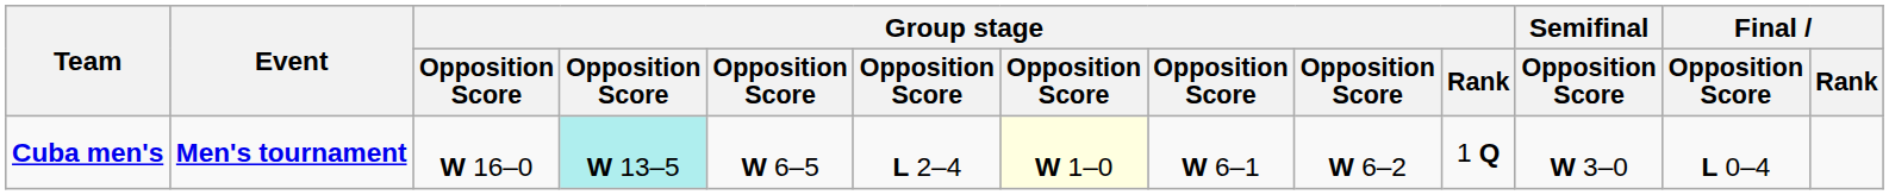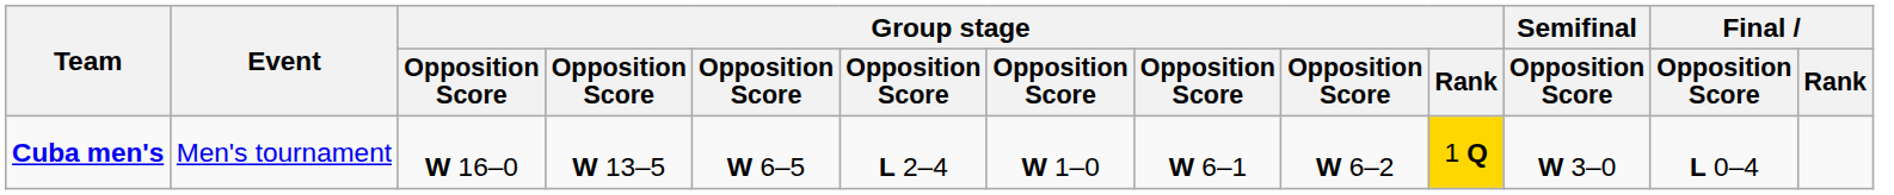 <table class="wikitable" style="font-size:90%">
 <tr>
 <th rowspan=2>Team</th>
 <th rowspan=2>Event</th>
 <th colspan=8>Group stage</th>
 <th>Semifinal</th>
 <th colspan=2>Final / </th>
 </tr>
 <tr style="font-size:95%">
 <th>Opposition<br>Score</th>
 <th>Opposition<br>Score</th>
 <th>Opposition<br>Score</th>
 <th>Opposition<br>Score</th>
 <th>Opposition<br>Score</th>
 <th>Opposition<br>Score</th>
 <th>Opposition<br>Score</th>
 <th>Rank</th>
 <th>Opposition<br>Score</th>
 <th>Opposition<br>Score</th>
 <th>Rank</th>
 </tr>
 <tr align=center>
 <td align=left><strong><a href='#'>Cuba men's</a></strong></td>
-<td align=left><strong><a href='#'>Men's tournament</a></strong></td>
+<td align=left><a href='#'>Men's tournament</a></td>
 <td><br><strong>W</strong> 16–0</td>
-<td style="background: paleturquoise;"><br><strong>W</strong> 13–5</td>
+<td><br><strong>W</strong> 13–5</td>
 <td><br><strong>W</strong> 6–5</td>
 <td><br><strong>L</strong> 2–4</td>
-<td style="background: lightyellow;"><br><strong>W</strong> 1–0</td>
+<td><br><strong>W</strong> 1–0</td>
 <td><br><strong>W</strong> 6–1</td>
 <td><br><strong>W</strong> 6–2</td>
-<td>1 <strong>Q</strong></td>
+<td style="background: gold;">1 <strong>Q</strong></td>
 <td><br><strong>W</strong> 3–0</td>
 <td><br><strong>L</strong> 0–4</td>
 <td></td>
 </tr>
 </table>
